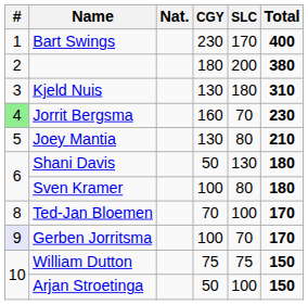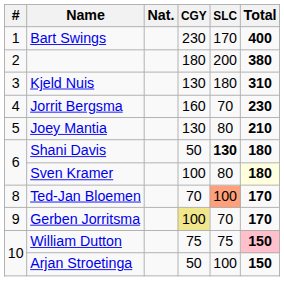 <table class="wikitable" style="text-align:center;">
 <tr>
 <th>#</th>
 <th>Name</th>
 <th>Nat.</th>
 <th><small>CGY</small></th>
 <th><small>SLC</small></th>
 <th>Total</th>
 </tr>
 <tr>
 <td>1</td>
 <td align=left><a href='#'>Bart Swings</a></td>
 <td></td>
 <td>230</td>
 <td>170</td>
 <td><strong>400</strong></td>
 </tr>
 <tr>
 <td>2</td>
 <td align=left></td>
 <td></td>
 <td>180</td>
 <td>200</td>
 <td><strong>380</strong></td>
 </tr>
 <tr>
 <td>3</td>
 <td align=left><a href='#'>Kjeld Nuis</a></td>
 <td></td>
 <td>130</td>
 <td>180</td>
 <td><strong>310</strong></td>
 </tr>
 <tr>
-<td style="background: lightgreen;">4</td>
+<td>4</td>
 <td align=left><a href='#'>Jorrit Bergsma</a></td>
 <td></td>
 <td>160</td>
 <td>70</td>
 <td><strong>230</strong></td>
 </tr>
 <tr>
 <td>5</td>
 <td align=left><a href='#'>Joey Mantia</a></td>
 <td></td>
 <td>130</td>
 <td>80</td>
 <td><strong>210</strong></td>
 </tr>
 <tr>
 <td rowspan=2>6</td>
 <td align=left><a href='#'>Shani Davis</a></td>
 <td></td>
 <td>50</td>
-<td>130</td>
+<td><strong>130</strong></td>
 <td><strong>180</strong></td>
 </tr>
 <tr>
 <td align=left><a href='#'>Sven Kramer</a></td>
 <td></td>
 <td>100</td>
 <td>80</td>
-<td><strong>180</strong></td>
+<td style="background: lightyellow;"><strong>180</strong></td>
 </tr>
 <tr>
 <td>8</td>
 <td align=left><a href='#'>Ted-Jan Bloemen</a></td>
 <td></td>
 <td>70</td>
-<td>100</td>
+<td style="background: lightsalmon;">100</td>
 <td><strong>170</strong></td>
 </tr>
 <tr>
-<td style="background: lavender;">9</td>
+<td>9</td>
 <td align=left><a href='#'>Gerben Jorritsma</a></td>
 <td></td>
-<td>100</td>
+<td style="background: khaki;">100</td>
 <td>70</td>
 <td><strong>170</strong></td>
 </tr>
 <tr>
 <td rowspan=2>10</td>
 <td align=left><a href='#'>William Dutton</a></td>
 <td></td>
 <td>75</td>
 <td>75</td>
-<td><strong>150</strong></td>
+<td style="background: pink;"><strong>150</strong></td>
 </tr>
 <tr>
 <td align=left><a href='#'>Arjan Stroetinga</a></td>
 <td></td>
 <td>50</td>
 <td>100</td>
 <td><strong>150</strong></td>
 </tr>
 </table>
